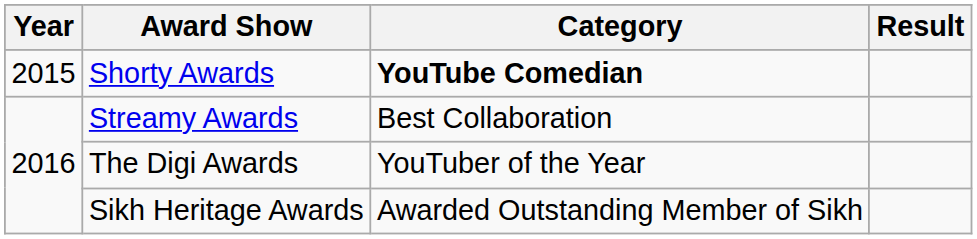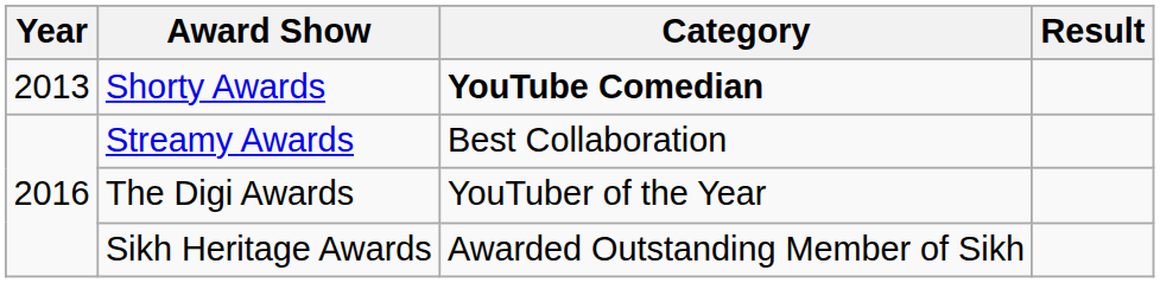 <table class="wikitable">
 <tr>
 <th>Year</th>
 <th>Award Show</th>
 <th>Category</th>
 <th>Result</th>
 </tr>
 <tr>
-<td>2015</td>
+<td>2013</td>
 <td><a href='#'>Shorty Awards</a></td>
 <td><strong>YouTube Comedian</strong></td>
 <td></td>
 </tr>
 <tr>
 <td rowspan="3”">2016</td>
 <td><a href='#'>Streamy Awards</a></td>
 <td>Best Collaboration</td>
 <td></td>
 </tr>
 <tr>
 <td>The Digi Awards</td>
 <td>YouTuber of the Year</td>
 <td></td>
 </tr>
 <tr>
 <td>Sikh Heritage Awards</td>
 <td>Awarded Outstanding Member of Sikh</td>
 <td></td>
 </tr>
 </table>
